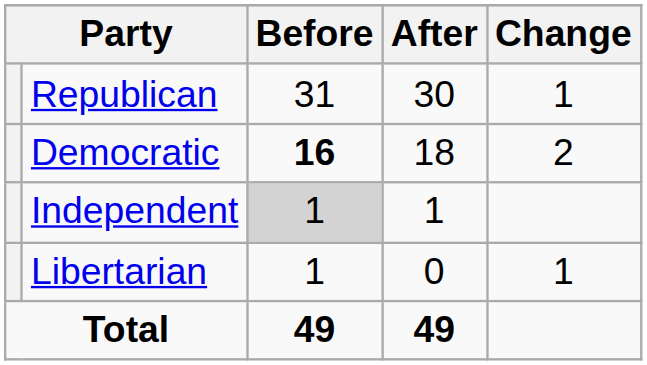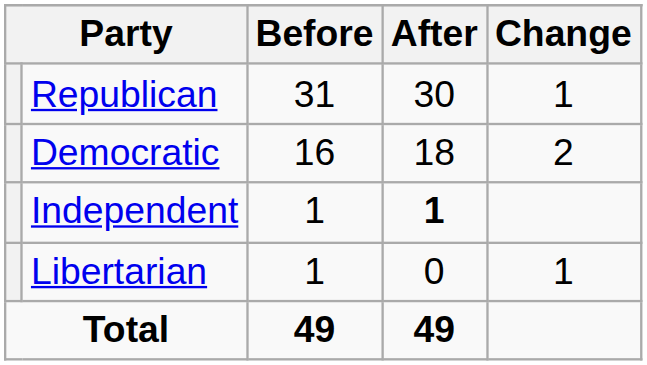 <table class="wikitable" style="text-align:center;">
 <tr>
 </tr>
 <tr>
 <th colspan=2>Party</th>
 <th>Before</th>
 <th>After</th>
 <th>Change</th>
 </tr>
 <tr>
 <th style="background-color:"></th>
 <td style="text-align:left;"><a href='#'>Republican</a></td>
 <td>31</td>
 <td>30</td>
 <td> 1</td>
 </tr>
 <tr>
 <th style="background-color:"></th>
 <td style="text-align:left;"><a href='#'>Democratic</a></td>
-<td><strong>16</strong></td>
+<td>16</td>
 <td>18</td>
 <td> 2</td>
 </tr>
 <tr>
 <th style="background-color:"></th>
 <td style="text-align:left;"><a href='#'>Independent</a></td>
-<td style="background: lightgrey;">1</td>
 <td>1</td>
+<td><strong>1</strong></td>
 <td></td>
 </tr>
 <tr>
 <th style="background-color:"></th>
 <td style="text-align:left;"><a href='#'>Libertarian</a></td>
 <td>1</td>
 <td>0</td>
 <td> 1</td>
 </tr>
 <tr>
 <td colspan=2><strong>Total</strong></td>
 <td><strong>49</strong></td>
 <td><strong>49</strong></td>
 <td></td>
 </tr>
 </table>
